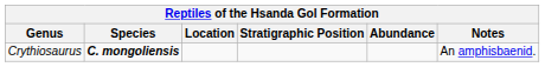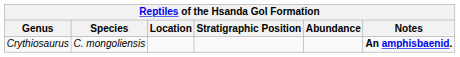 <table class="wikitable">
 <tr>
 <th colspan="7" align="center"><strong><a href='#'>Reptiles</a> of the Hsanda Gol Formation</strong></th>
 </tr>
 <tr>
 <th>Genus</th>
 <th>Species</th>
 <th>Location</th>
 <th>Stratigraphic Position</th>
 <th>Abundance</th>
 <th>Notes</th>
 </tr>
 <tr>
 <td><em>Crythiosaurus</em></td>
-<td><strong><em>C. mongoliensis</em></strong></td>
+<td><em>C. mongoliensis</em></td>
 <td></td>
 <td></td>
 <td></td>
-<td>An <a href='#'>amphisbaenid</a>.</td>
+<td><strong>An <a href='#'>amphisbaenid</a>.</strong></td>
 </tr>
 </table>
